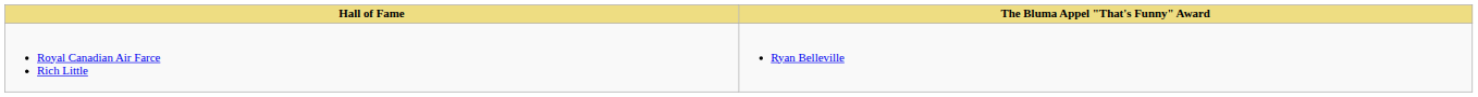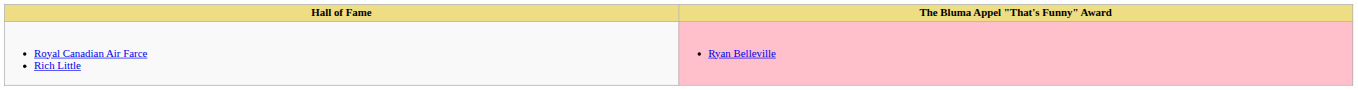 <table class="wikitable" style="width:100%;">
 <tr>
 <th style="background:#EEDD82; width:50%">Hall of Fame</th>
 <th style="background:#EEDD82; width:50%">The Bluma Appel "That's Funny" Award</th>
 </tr>
 <tr>
 <td valign="top"><br><ul><li> <a href='#'>Royal Canadian Air Farce</a></li><li> <a href='#'>Rich Little</a></li></ul></td>
-<td valign="top"><br><ul><li> <a href='#'>Ryan Belleville</a></li></ul></td>
+<td valign="top" style="background: pink;"><br><ul><li> <a href='#'>Ryan Belleville</a></li></ul></td>
 </tr>
 </table>
